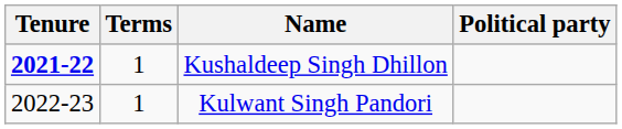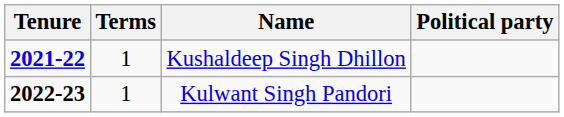 <table class="wikitable sortable">
 <tr>
 <th>Tenure</th>
 <th>Terms</th>
 <th>Name</th>
 <th colspan="2">Political party</th>
 </tr>
 <tr align="center">
 <td><strong><a href='#'>2021-22</a></strong></td>
 <td>1</td>
 <td><a href='#'>Kushaldeep Singh Dhillon</a></td>
 <td></td>
 </tr>
 <tr align="center">
-<td>2022-23</td>
+<td><strong>2022-23</strong></td>
 <td>1</td>
 <td><a href='#'>Kulwant Singh Pandori</a></td>
 <td></td>
 </tr>
 </table>
